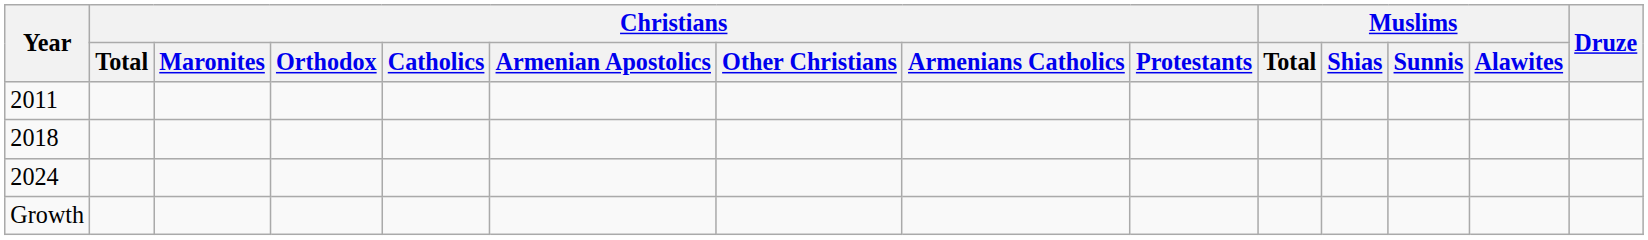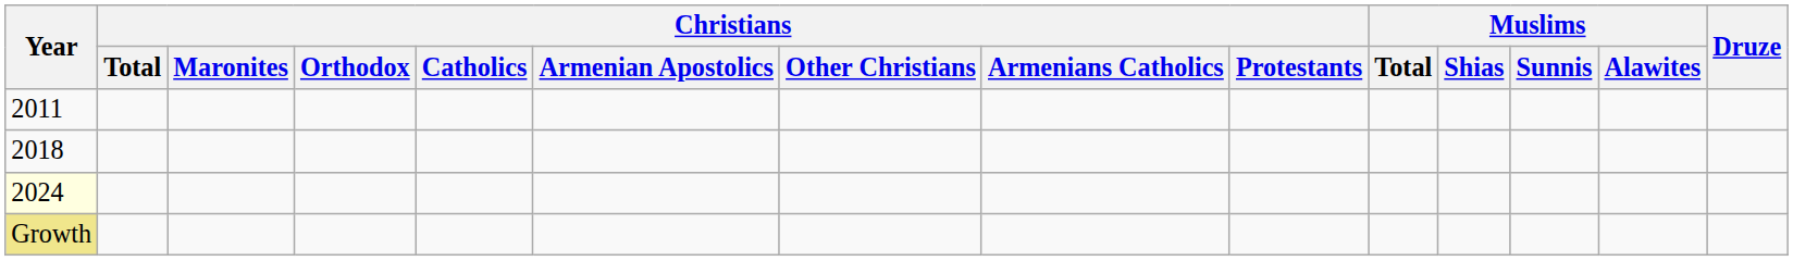 <table class="wikitable">
 <tr>
 <th rowspan="2">Year</th>
 <th colspan="8"><a href='#'>Christians</a></th>
 <th colspan="4"><a href='#'>Muslims</a></th>
 <th colspan="3" rowspan="2"><a href='#'>Druze</a></th>
 </tr>
 <tr>
 <th>Total</th>
 <th><a href='#'>Maronites</a></th>
 <th><a href='#'>Orthodox</a></th>
 <th><a href='#'>Catholics</a></th>
 <th><a href='#'>Armenian Apostolics</a></th>
 <th><a href='#'>Other Christians</a></th>
 <th><a href='#'>Armenians Catholics</a></th>
 <th><a href='#'>Protestants</a></th>
 <th>Total</th>
 <th><a href='#'>Shias</a></th>
 <th><a href='#'>Sunnis</a></th>
 <th><a href='#'>Alawites</a></th>
 </tr>
 <tr>
 <td>2011</td>
 <td></td>
 <td></td>
 <td></td>
 <td></td>
 <td></td>
 <td></td>
 <td></td>
 <td></td>
 <td></td>
 <td></td>
 <td></td>
 <td></td>
 <td></td>
 </tr>
 <tr>
 <td>2018</td>
 <td></td>
 <td></td>
 <td></td>
 <td></td>
 <td></td>
 <td></td>
 <td></td>
 <td></td>
 <td></td>
 <td></td>
 <td></td>
 <td></td>
 <td></td>
 </tr>
 <tr>
-<td>2024</td>
+<td style="background: lightyellow;">2024</td>
 <td></td>
 <td></td>
 <td></td>
 <td></td>
 <td></td>
 <td></td>
 <td></td>
 <td></td>
 <td></td>
 <td></td>
 <td></td>
 <td></td>
 <td></td>
 </tr>
 <tr>
-<td>Growth</td>
+<td style="background: khaki;">Growth</td>
 <td></td>
 <td></td>
 <td></td>
 <td></td>
 <td></td>
 <td></td>
 <td></td>
 <td></td>
 <td></td>
 <td></td>
 <td></td>
 <td></td>
 <td></td>
 </tr>
 </table>
